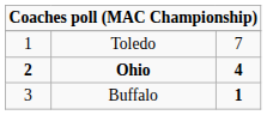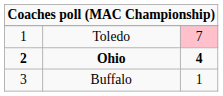 <table class="wikitable">
 <tr align="center">
 <td align="center" Colspan="3"><strong>Coaches poll (MAC Championship)</strong></td>
 </tr>
 <tr align="center">
 </tr>
 <tr align="center">
 <td>1</td>
 <td>Toledo</td>
-<td>7</td>
+<td style="background: pink;">7</td>
 </tr>
 <tr align="center">
 <td><strong>2</strong></td>
 <td><strong>Ohio</strong></td>
 <td><strong>4</strong></td>
 </tr>
 <tr align="center">
 <td>3</td>
 <td>Buffalo</td>
-<td><strong>1</strong></td>
+<td>1</td>
 </tr>
 </table>
